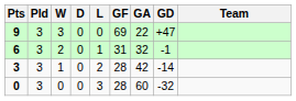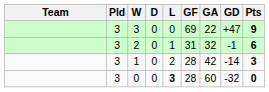 <table class="wikitable" style="text-align:center;">
 <tr>
-<th width=20>Pts</th>
+<th width=150>Team</th>
 <th width=20>Pld</th>
 <th width=20>W</th>
 <th width=20>D</th>
 <th width=20>L</th>
 <th width=20>GF</th>
 <th width=20>GA</th>
 <th width=20>GD</th>
-<th width=150>Team</th>
+<th width=20>Pts</th>
 </tr>
 <tr bgcolor=ccffcc>
-<td><strong>9</strong></td>
+<td align="left"></td>
 <td>3</td>
 <td>3</td>
 <td>0</td>
 <td>0</td>
 <td>69</td>
 <td>22</td>
 <td>+47</td>
-<td align="left"></td>
+<td><strong>9</strong></td>
 </tr>
 <tr bgcolor=ccffcc>
-<td><strong>6</strong></td>
+<td align="left"></td>
 <td>3</td>
 <td>2</td>
 <td>0</td>
 <td>1</td>
 <td>31</td>
 <td>32</td>
 <td>-1</td>
-<td align="left"></td>
+<td><strong>6</strong></td>
 </tr>
 <tr>
-<td><strong>3</strong></td>
+<td align="left"></td>
 <td>3</td>
 <td>1</td>
 <td>0</td>
 <td>2</td>
 <td>28</td>
 <td>42</td>
 <td>-14</td>
-<td align="left"></td>
+<td><strong>3</strong></td>
 </tr>
 <tr>
-<td><strong>0</strong></td>
+<td align="left"></td>
 <td>3</td>
 <td>0</td>
 <td>0</td>
-<td>3</td>
+<td><strong>3</strong></td>
 <td>28</td>
 <td>60</td>
 <td>-32</td>
-<td align="left"></td>
+<td><strong>0</strong></td>
 </tr>
 </table>
